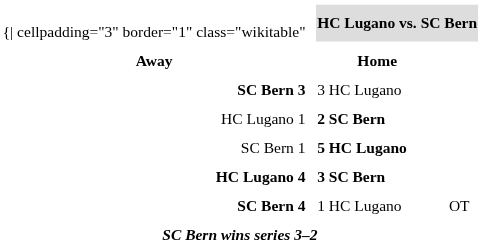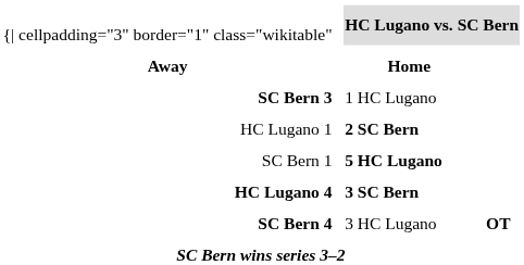 <table cellspacing="10">
 <tr>
 <td valign="top"><br>	{| cellpadding="3" border="1"  class="wikitable"</td>
 <th bgcolor="#DDDDDD" colspan="4">HC Lugano vs. SC Bern</th>
 </tr>
 <tr>
 <th>Away</th>
 <th>Home</th>
 <th></th>
 </tr>
 <tr>
 <td align = "right"><strong>SC Bern 3</strong></td>
-<td>3 HC Lugano</td>
+<td>1 HC Lugano</td>
 <td> </td>
 </tr>
 <tr>
 <td align = "right">HC Lugano 1</td>
 <td><strong>2 SC Bern</strong></td>
 <td> </td>
 </tr>
 <tr>
 <td align = "right">SC Bern 1</td>
 <td><strong>5 HC Lugano</strong></td>
 <td> </td>
 </tr>
 <tr>
 <td align = "right"><strong>HC Lugano 4</strong></td>
 <td><strong>3 SC Bern</strong></td>
 <td> </td>
 </tr>
 <tr>
 <td align = "right"><strong>SC Bern 4</strong></td>
-<td>1 HC Lugano</td>
-<td>OT</td>
+<td>3 HC Lugano</td>
+<td><strong>OT</strong></td>
 </tr>
 <tr align="center">
 <td colspan="4"><strong><em>SC Bern wins series 3–2</em></strong></td>
 </tr>
 </table>
